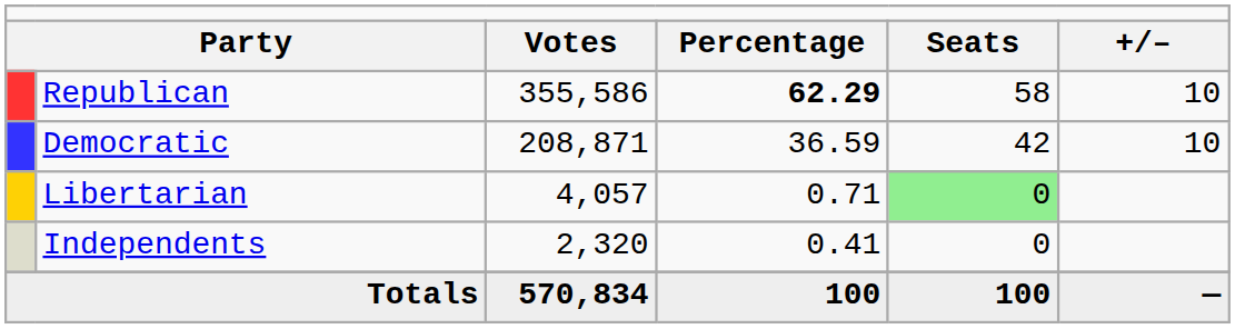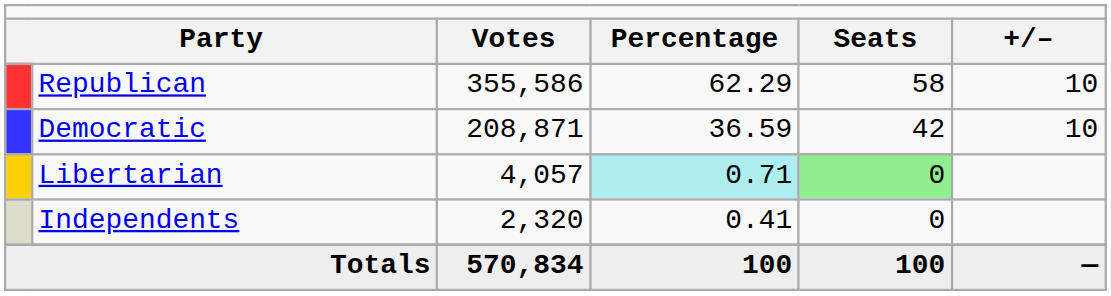 <table class="wikitable" style="font-size: 95%;">
 <tr>
 <td colspan="8" style="text-align:center"></td>
 </tr>
 <tr>
 <th colspan=2 style="width: 15em">Party</th>
 <th style="width: 5em">Votes</th>
 <th style="width: 7em">Percentage</th>
 <th style="width: 5em">Seats</th>
 <th style="width: 5em">+/–</th>
 </tr>
 <tr>
 <th style="background-color:#F33; width: 3px"></th>
 <td style="width: 130px"><a href='#'>Republican</a></td>
 <td style="text-align:right">355,586</td>
-<td style="text-align:right"><strong>62.29</strong></td>
+<td style="text-align:right">62.29</td>
 <td style="text-align:right">58</td>
 <td style="text-align:right"> 10</td>
 </tr>
 <tr>
 <th style="background-color:#33F; width: 3px"></th>
 <td style="width: 130px"><a href='#'>Democratic</a></td>
 <td style="text-align:right">208,871</td>
 <td style="text-align:right">36.59</td>
 <td style="text-align:right">42</td>
 <td style="text-align:right"> 10</td>
 </tr>
 <tr>
 <th style="background-color:#fed105; width: 3px"></th>
 <td style="width: 130px"><a href='#'>Libertarian</a></td>
 <td style="text-align:right">4,057</td>
-<td style="text-align:right">0.71</td>
+<td style="background: paleturquoise; text-align:right">0.71</td>
 <td style="background: lightgreen; text-align:right">0</td>
 <td style="text-align:right"></td>
 </tr>
 <tr>
 <th style="background-color:#DDDDCC; width: 3px"></th>
 <td style="width: 130px"><a href='#'>Independents</a></td>
 <td style="text-align:right">2,320</td>
 <td style="text-align:right">0.41</td>
 <td style="text-align:right">0</td>
 <td style="text-align:right"></td>
 </tr>
 <tr>
 </tr>
 <tr style="background:#EEEEEE">
 <td colspan="2" style="text-align:right"><strong>Totals</strong></td>
 <td style="text-align:right"><strong>570,834</strong></td>
 <td style="text-align:right"><strong>100</strong></td>
 <td style="text-align:right"><strong>100</strong></td>
 <td style="text-align:right"><strong>—</strong></td>
 </tr>
 </table>
